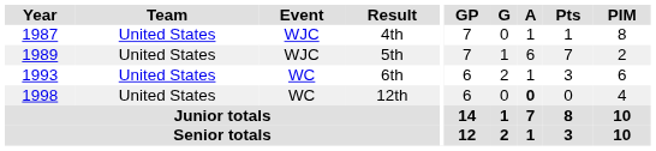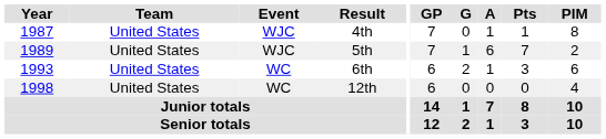 <table border="0" cellpadding="1" cellspacing="0" ID="Table3" style="text-align:center; width:40em">
 <tr ALIGN="center" bgcolor="#e0e0e0">
 <th>Year</th>
 <th>Team</th>
 <th>Event</th>
 <th>Result</th>
 <th rowspan="99" bgcolor="#ffffff"></th>
 <th>GP</th>
 <th>G</th>
 <th>A</th>
 <th>Pts</th>
 <th>PIM</th>
 </tr>
 <tr>
 <td><a href='#'>1987</a></td>
 <td><a href='#'>United States</a></td>
 <td><a href='#'>WJC</a></td>
 <td>4th</td>
 <td>7</td>
 <td>0</td>
 <td>1</td>
 <td>1</td>
 <td>8</td>
 </tr>
 <tr bgcolor="#f0f0f0">
 <td><a href='#'>1989</a></td>
 <td>United States</td>
 <td>WJC</td>
 <td>5th</td>
 <td>7</td>
 <td>1</td>
 <td>6</td>
 <td>7</td>
 <td>2</td>
 </tr>
 <tr>
 <td><a href='#'>1993</a></td>
 <td><a href='#'>United States</a></td>
 <td><a href='#'>WC</a></td>
 <td>6th</td>
 <td>6</td>
 <td>2</td>
 <td>1</td>
 <td>3</td>
 <td>6</td>
 </tr>
 <tr bgcolor="#f0f0f0">
 <td><a href='#'>1998</a></td>
 <td>United States</td>
 <td>WC</td>
 <td>12th</td>
 <td>6</td>
 <td>0</td>
-<td><strong>0</strong></td>
+<td>0</td>
 <td>0</td>
 <td>4</td>
 </tr>
 <tr bgcolor="#e0e0e0">
 <th colspan="4">Junior totals</th>
 <th>14</th>
 <th>1</th>
 <th>7</th>
 <th>8</th>
 <th>10</th>
 </tr>
 <tr bgcolor="#e0e0e0">
 <th colspan="4">Senior totals</th>
 <th>12</th>
 <th>2</th>
 <th>1</th>
 <th>3</th>
 <th>10</th>
 </tr>
 </table>
